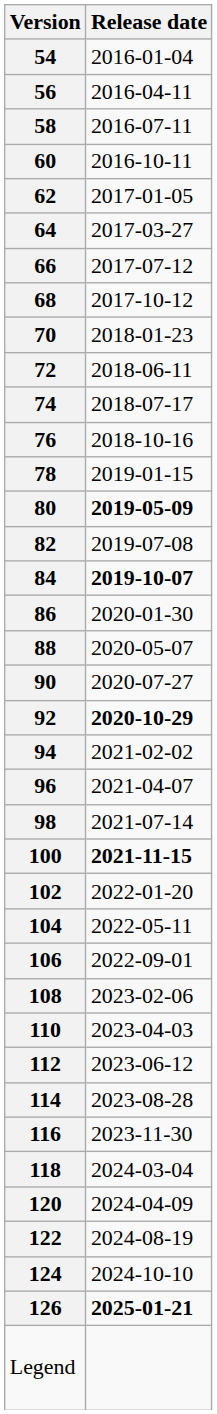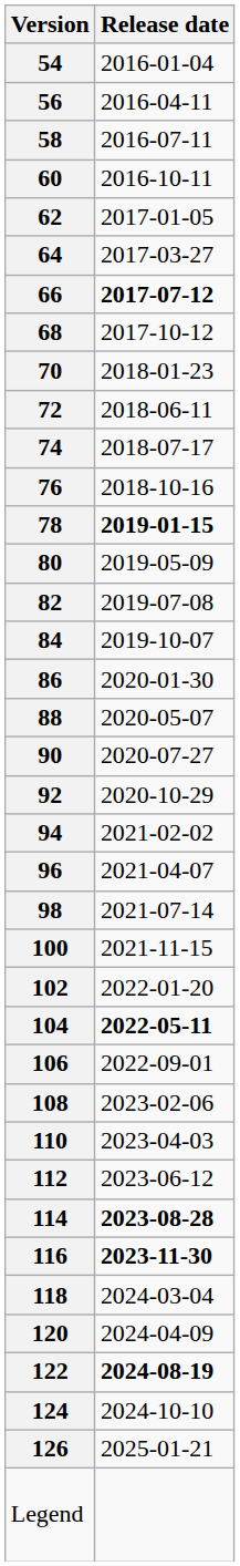 <table class="wikitable">
 <tr>
 <th>Version</th>
 <th>Release date</th>
 </tr>
 <tr style="background:#">
 <th>54</th>
 <td>2016-01-04</td>
 </tr>
 <tr style="background:#">
 <th>56</th>
 <td>2016-04-11</td>
 </tr>
 <tr style="background:#">
 <th>58</th>
 <td>2016-07-11</td>
 </tr>
 <tr style="background:#">
 <th>60</th>
 <td>2016-10-11</td>
 </tr>
 <tr style="background:#">
 <th>62</th>
 <td>2017-01-05</td>
 </tr>
 <tr style="background:#">
 <th>64</th>
 <td>2017-03-27</td>
 </tr>
 <tr style="background:#">
 <th>66</th>
-<td>2017-07-12</td>
+<td><strong>2017-07-12</strong></td>
 </tr>
 <tr style="background:#">
 <th>68</th>
 <td>2017-10-12</td>
 </tr>
 <tr style="background:#">
 <th>70</th>
 <td>2018-01-23</td>
 </tr>
 <tr style="background:#">
 <th>72</th>
 <td>2018-06-11</td>
 </tr>
 <tr style="background:#">
 <th>74</th>
 <td>2018-07-17</td>
 </tr>
 <tr style="background:#">
 <th>76</th>
 <td>2018-10-16</td>
 </tr>
 <tr style="background:#">
 <th>78</th>
-<td>2019-01-15</td>
+<td><strong>2019-01-15</strong></td>
 </tr>
 <tr style="background:#">
 <th>80</th>
-<td><strong>2019-05-09</strong></td>
+<td>2019-05-09</td>
 </tr>
 <tr style="background:#">
 <th>82</th>
 <td>2019-07-08</td>
 </tr>
 <tr style="background:#">
 <th>84</th>
-<td><strong>2019-10-07</strong></td>
+<td>2019-10-07</td>
 </tr>
 <tr style="background:#">
 <th>86</th>
 <td>2020-01-30</td>
 </tr>
 <tr style="background:#">
 <th>88</th>
 <td>2020-05-07</td>
 </tr>
 <tr style="background:#">
 <th>90</th>
 <td>2020-07-27</td>
 </tr>
 <tr style="background:#">
 <th>92</th>
-<td><strong>2020-10-29</strong></td>
+<td>2020-10-29</td>
 </tr>
 <tr style="background:#">
 <th>94</th>
 <td>2021-02-02</td>
 </tr>
 <tr style="background:#">
 <th>96</th>
 <td>2021-04-07</td>
 </tr>
 <tr style="background:#">
 <th>98</th>
 <td>2021-07-14</td>
 </tr>
 <tr style="background:#">
 <th>100</th>
-<td><strong>2021-11-15</strong></td>
+<td>2021-11-15</td>
 </tr>
 <tr style="background:#">
 <th>102</th>
 <td>2022-01-20</td>
 </tr>
 <tr style="background:#">
 <th>104</th>
-<td>2022-05-11</td>
+<td><strong>2022-05-11</strong></td>
 </tr>
 <tr style="background:#">
 <th>106</th>
 <td>2022-09-01</td>
 </tr>
 <tr style="background:#">
 <th>108</th>
 <td>2023-02-06</td>
 </tr>
 <tr style="background:#">
 <th>110</th>
 <td>2023-04-03</td>
 </tr>
 <tr style="background:#">
 <th>112</th>
 <td>2023-06-12</td>
 </tr>
 <tr style="background:#">
 <th>114</th>
-<td>2023-08-28</td>
+<td><strong>2023-08-28</strong></td>
 </tr>
 <tr style="background:#">
 <th>116</th>
-<td>2023-11-30</td>
+<td><strong>2023-11-30</strong></td>
 </tr>
 <tr style="background:#">
 <th>118</th>
 <td>2024-03-04</td>
 </tr>
 <tr style="background:#">
 <th>120</th>
 <td>2024-04-09</td>
 </tr>
 <tr style="background:#">
 <th>122</th>
-<td>2024-08-19</td>
+<td><strong>2024-08-19</strong></td>
 </tr>
 <tr style="background:#">
 <th>124</th>
 <td>2024-10-10</td>
 </tr>
 <tr style="background:#">
 <th>126</th>
-<td><strong>2025-01-21</strong></td>
+<td>2025-01-21</td>
 </tr>
 <tr>
 <td>Legend</td>
 <td><br><br> <br> </td>
 </tr>
 </table>
